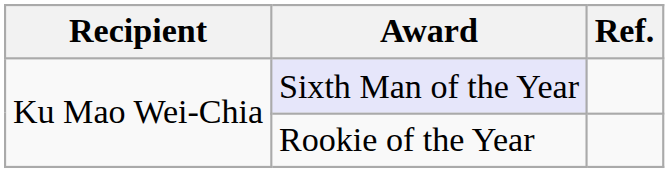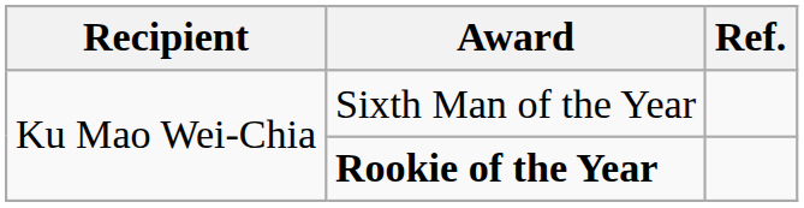 <table class="wikitable">
 <tr>
 <th>Recipient</th>
 <th>Award</th>
 <th>Ref.</th>
 </tr>
 <tr>
 <td rowspan=2>Ku Mao Wei-Chia</td>
-<td style="background: lavender;">Sixth Man of the Year</td>
+<td>Sixth Man of the Year</td>
 <td></td>
 </tr>
 <tr>
-<td>Rookie of the Year</td>
+<td><strong>Rookie of the Year</strong></td>
 <td></td>
 </tr>
 </table>
